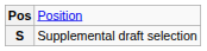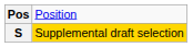 <table class="wikitable" style="font-size:90%;">
 <tr>
 <th>Pos</th>
 <td><a href='#'>Position</a></td>
 </tr>
 <tr>
 <th>S</th>
-<td>Supplemental draft selection</td>
+<td style="background: gold;">Supplemental draft selection</td>
 </tr>
 </table>
